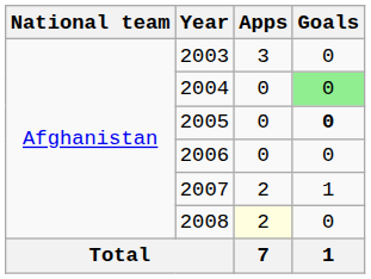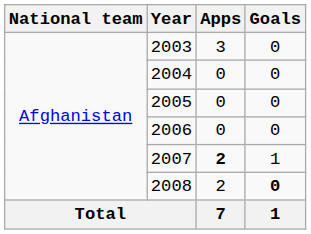 <table class="wikitable" style="text-align:center">
 <tr>
 <th>National team</th>
 <th>Year</th>
 <th>Apps</th>
 <th>Goals</th>
 </tr>
 <tr>
 <td rowspan="6"><a href='#'>Afghanistan</a></td>
 <td>2003</td>
 <td>3</td>
 <td>0</td>
 </tr>
 <tr>
 <td>2004</td>
 <td>0</td>
-<td style="background: lightgreen;">0</td>
+<td>0</td>
 </tr>
 <tr>
 <td>2005</td>
 <td>0</td>
-<td><strong>0</strong></td>
+<td>0</td>
 </tr>
 <tr>
 <td>2006</td>
 <td>0</td>
 <td>0</td>
 </tr>
 <tr>
 <td>2007</td>
-<td>2</td>
+<td><strong>2</strong></td>
 <td>1</td>
 </tr>
 <tr>
 <td>2008</td>
-<td style="background: lightyellow;">2</td>
-<td>0</td>
+<td>2</td>
+<td><strong>0</strong></td>
 </tr>
 <tr>
 <th colspan="2">Total</th>
 <th>7</th>
 <th>1</th>
 </tr>
 </table>
